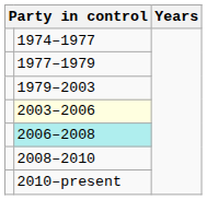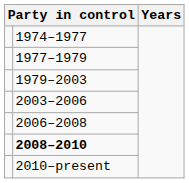 <table class="wikitable">
 <tr>
 <th colspan=2>Party in control</th>
 <th>Years</th>
 </tr>
 <tr>
 <td></td>
 <td>1974–1977</td>
 </tr>
 <tr>
 <td></td>
 <td>1977–1979</td>
 </tr>
 <tr>
 <td></td>
 <td>1979–2003</td>
 </tr>
 <tr>
 <td></td>
-<td style="background: lightyellow;">2003–2006</td>
+<td>2003–2006</td>
 </tr>
 <tr>
 <td></td>
-<td style="background: paleturquoise;">2006–2008</td>
+<td>2006–2008</td>
 </tr>
 <tr>
 <td></td>
-<td>2008–2010</td>
+<td><strong>2008–2010</strong></td>
 </tr>
 <tr>
 <td></td>
 <td>2010–present</td>
 </tr>
 </table>
